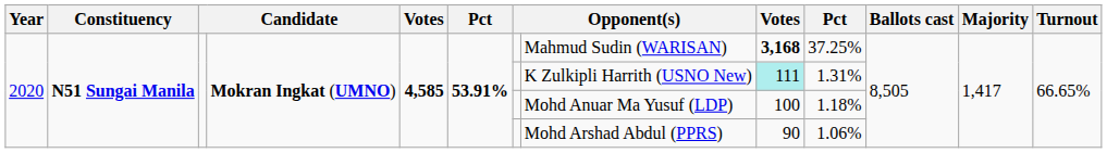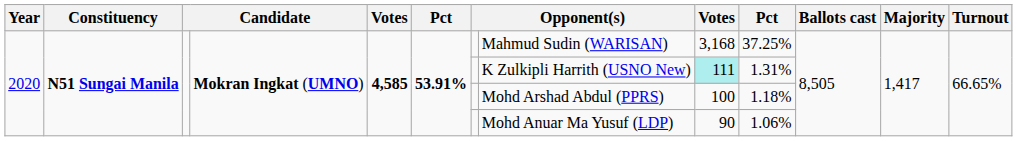 <table class="wikitable" style="margin:0.5em ; font-size:95%">
 <tr>
 <th>Year</th>
 <th>Constituency</th>
 <th colspan=2>Candidate</th>
 <th>Votes</th>
 <th>Pct</th>
 <th colspan=2>Opponent(s)</th>
 <th>Votes</th>
 <th>Pct</th>
 <th>Ballots cast</th>
 <th>Majority</th>
 <th>Turnout</th>
 </tr>
 <tr>
 <td rowspan=4><a href='#'>2020</a></td>
 <td rowspan=4><strong>N51 <a href='#'>Sungai Manila</a></strong></td>
 <td rowspan=4 ></td>
 <td rowspan=4><strong>Mokran Ingkat</strong> (<a href='#'><strong>UMNO</strong></a>)</td>
 <td rowspan=4 align=right><strong>4,585</strong></td>
 <td rowspan=4><strong>53.91%</strong></td>
 <td></td>
 <td>Mahmud Sudin (<a href='#'>WARISAN</a>)</td>
-<td align=right><strong>3,168</strong></td>
+<td align=right>3,168</td>
 <td>37.25%</td>
 <td rowspan=4>8,505</td>
 <td rowspan=4>1,417</td>
 <td rowspan=4>66.65%</td>
 </tr>
 <tr>
 <td bgcolor=></td>
 <td>K Zulkipli Harrith (<a href='#'>USNO New</a>)</td>
 <td align=right style="background: paleturquoise;">111</td>
 <td align=right>1.31%</td>
 </tr>
 <tr>
 <td bgcolor=></td>
-<td>Mohd Anuar Ma Yusuf (<a href='#'>LDP</a>)</td>
+<td>Mohd Arshad Abdul (<a href='#'>PPRS</a>)</td>
 <td align=right>100</td>
 <td align=right>1.18%</td>
 </tr>
 <tr>
 <td bgcolor=></td>
-<td>Mohd Arshad Abdul (<a href='#'>PPRS</a>)</td>
+<td>Mohd Anuar Ma Yusuf (<a href='#'>LDP</a>)</td>
 <td align=right>90</td>
 <td align=right>1.06%</td>
 </tr>
 </table>
